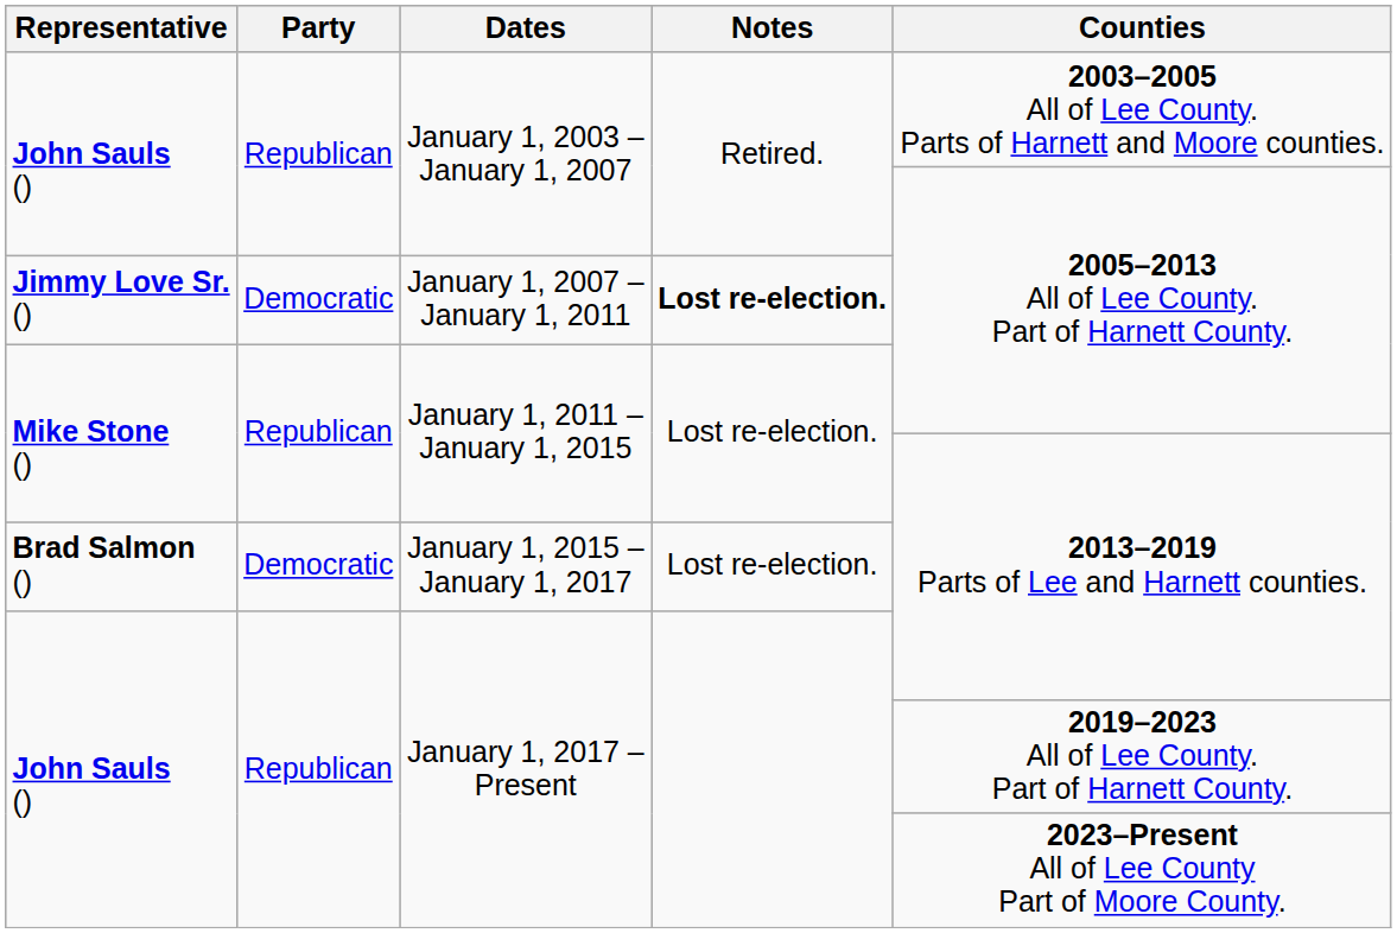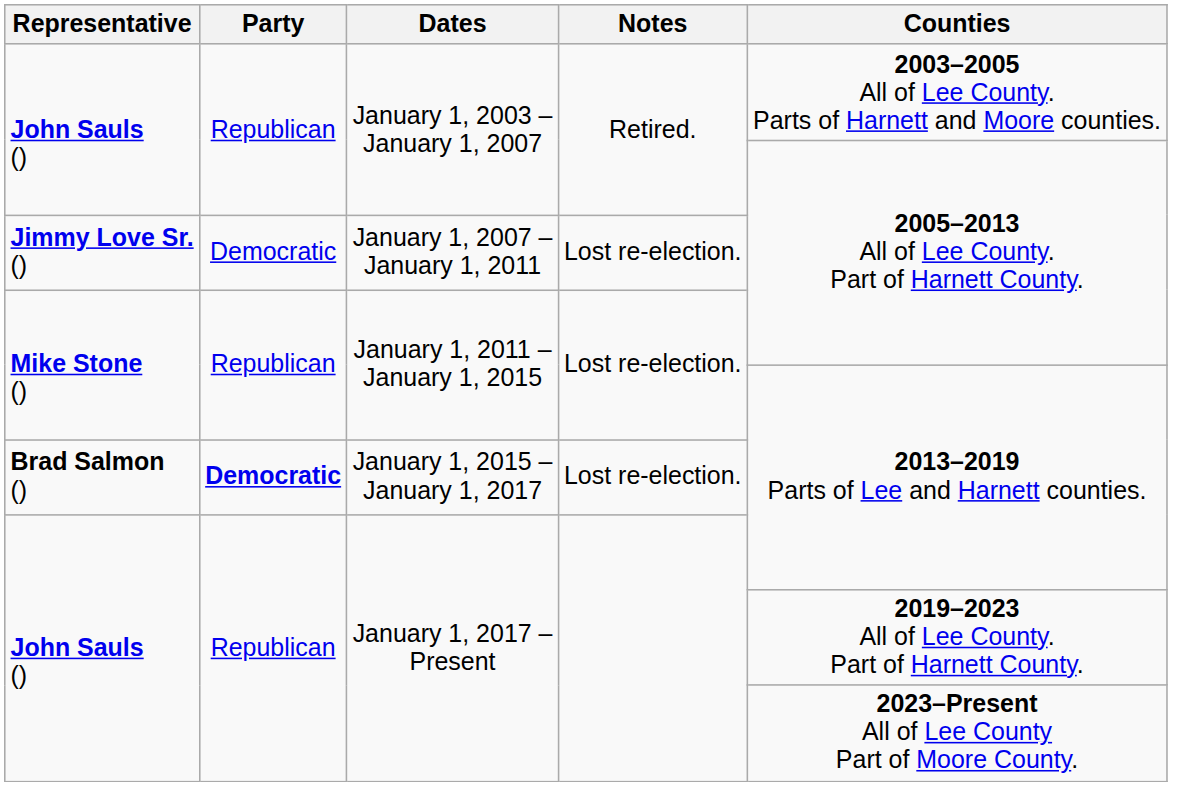 <table class=wikitable style="text-align:center">
 <tr>
 <th>Representative</th>
 <th>Party</th>
 <th>Dates</th>
 <th>Notes</th>
 <th>Counties</th>
 </tr>
 <tr style="height:3em">
 <td rowspan=2 align=left><br><strong><a href='#'>John Sauls</a></strong><br>()</td>
 <td rowspan=2 ><a href='#'>Republican</a></td>
 <td rowspan=2 nowrap>January 1, 2003 – <br> January 1, 2007</td>
 <td rowspan=2>Retired.</td>
 <td><strong>2003–2005</strong> <br> All of <a href='#'>Lee County</a>. <br> Parts of <a href='#'>Harnett</a> and <a href='#'>Moore</a> counties.</td>
 </tr>
 <tr style="height:3em">
 <td rowspan=3><strong>2005–2013</strong> <br> All of <a href='#'>Lee County</a>. <br> Part of <a href='#'>Harnett County</a>.</td>
 </tr>
 <tr style="height:3em">
 <td align=left><strong><a href='#'>Jimmy Love Sr.</a></strong><br>()</td>
 <td><a href='#'>Democratic</a></td>
 <td nowrap>January 1, 2007 – <br> January 1, 2011</td>
-<td><strong>Lost re-election.</strong></td>
+<td>Lost re-election.</td>
 </tr>
 <tr style="height:3em">
 <td rowspan=2 align=left><br><strong><a href='#'>Mike Stone</a></strong><br>()</td>
 <td rowspan=2 ><a href='#'>Republican</a></td>
 <td rowspan=2 nowrap>January 1, 2011 – <br> January 1, 2015</td>
 <td rowspan=2>Lost re-election.</td>
 </tr>
 <tr style="height:3em">
 <td rowspan=3><strong>2013–2019</strong> <br> Parts of <a href='#'>Lee</a> and <a href='#'>Harnett</a> counties.</td>
 </tr>
 <tr style="height:3em">
 <td align=left><strong>Brad Salmon</strong><br>()</td>
-<td><a href='#'>Democratic</a></td>
+<td><strong><a href='#'>Democratic</a></strong></td>
 <td nowrap>January 1, 2015 – <br> January 1, 2017</td>
 <td>Lost re-election.</td>
 </tr>
 <tr style="height:3em">
 <td rowspan=3 align=left><br><strong><a href='#'>John Sauls</a></strong><br>()</td>
 <td rowspan=3 ><a href='#'>Republican</a></td>
 <td rowspan=3 nowrap>January 1, 2017 – <br> Present</td>
 <td rowspan=3></td>
 </tr>
 <tr style="height:3em">
 <td><strong>2019–2023</strong> <br> All of <a href='#'>Lee County</a>. <br> Part of <a href='#'>Harnett County</a>.</td>
 </tr>
 <tr style="height:3em">
 <td><strong>2023–Present</strong> <br>All of <a href='#'>Lee County</a> <br> Part of <a href='#'>Moore County</a>.</td>
 </tr>
 </table>
